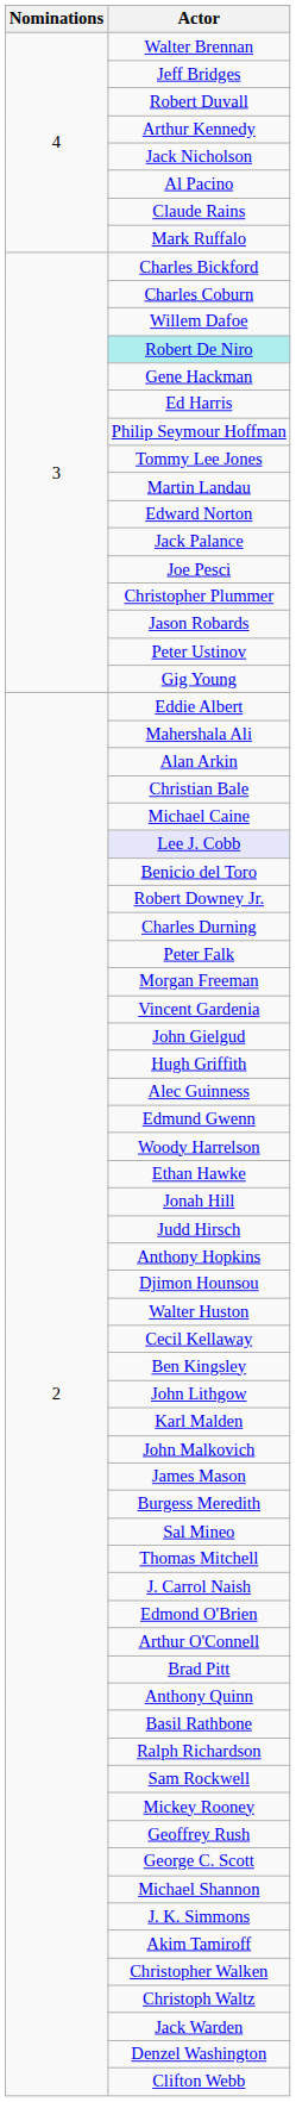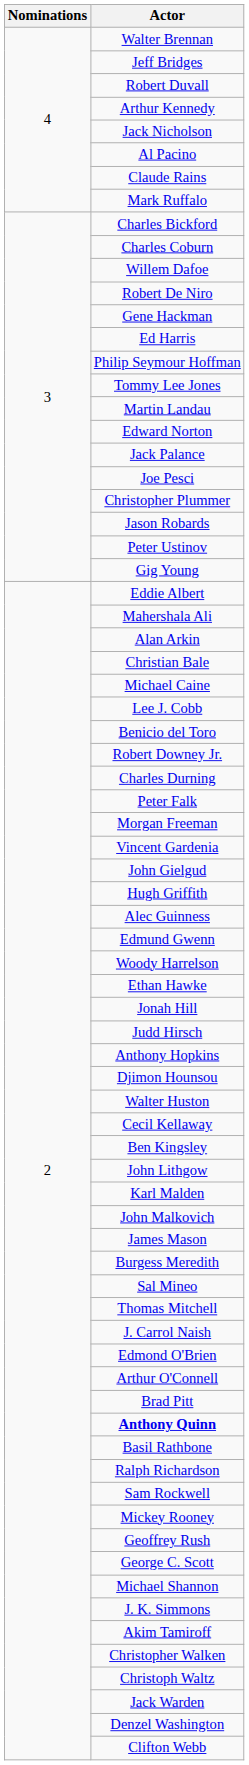 <table class="wikitable" style="text-align: center;">
 <tr>
 <th scope="col" width="55">Nominations</th>
 <th scope="col" align="center">Actor</th>
 </tr>
 <tr>
 <td rowspan=8 style="text-align:center">4</td>
 <td><a href='#'>Walter Brennan</a></td>
 </tr>
 <tr>
 <td><a href='#'>Jeff Bridges</a></td>
 </tr>
 <tr>
 <td><a href='#'>Robert Duvall</a></td>
 </tr>
 <tr>
 <td><a href='#'>Arthur Kennedy</a></td>
 </tr>
 <tr>
 <td><a href='#'>Jack Nicholson</a></td>
 </tr>
 <tr>
 <td><a href='#'>Al Pacino</a></td>
 </tr>
 <tr>
 <td><a href='#'>Claude Rains</a></td>
 </tr>
 <tr>
 <td><a href='#'>Mark Ruffalo</a></td>
 </tr>
 <tr>
 <td rowspan=16 style="text-align:center">3</td>
 <td><a href='#'>Charles Bickford</a></td>
 </tr>
 <tr>
 <td><a href='#'>Charles Coburn</a></td>
 </tr>
 <tr>
 <td><a href='#'>Willem Dafoe</a></td>
 </tr>
 <tr>
-<td style="background: paleturquoise;"><a href='#'>Robert De Niro</a></td>
+<td><a href='#'>Robert De Niro</a></td>
 </tr>
 <tr>
 <td><a href='#'>Gene Hackman</a></td>
 </tr>
 <tr>
 <td><a href='#'>Ed Harris</a></td>
 </tr>
 <tr>
 <td><a href='#'>Philip Seymour Hoffman</a></td>
 </tr>
 <tr>
 <td><a href='#'>Tommy Lee Jones</a></td>
 </tr>
 <tr>
 <td><a href='#'>Martin Landau</a></td>
 </tr>
 <tr>
 <td><a href='#'>Edward Norton</a></td>
 </tr>
 <tr>
 <td><a href='#'>Jack Palance</a></td>
 </tr>
 <tr>
 <td><a href='#'>Joe Pesci</a></td>
 </tr>
 <tr>
 <td><a href='#'>Christopher Plummer</a></td>
 </tr>
 <tr>
 <td><a href='#'>Jason Robards</a></td>
 </tr>
 <tr>
 <td><a href='#'>Peter Ustinov</a></td>
 </tr>
 <tr>
 <td><a href='#'>Gig Young</a></td>
 </tr>
 <tr>
 <td rowspan=52 style="text-align:center">2</td>
 <td><a href='#'>Eddie Albert</a></td>
 </tr>
 <tr>
 <td><a href='#'>Mahershala Ali</a></td>
 </tr>
 <tr>
 <td><a href='#'>Alan Arkin</a></td>
 </tr>
 <tr>
 <td><a href='#'>Christian Bale</a></td>
 </tr>
 <tr>
 <td><a href='#'>Michael Caine</a></td>
 </tr>
 <tr>
-<td style="background: lavender;"><a href='#'>Lee J. Cobb</a></td>
+<td><a href='#'>Lee J. Cobb</a></td>
 </tr>
 <tr>
 <td><a href='#'>Benicio del Toro</a></td>
 </tr>
 <tr>
 <td><a href='#'>Robert Downey Jr.</a></td>
 </tr>
 <tr>
 <td><a href='#'>Charles Durning</a></td>
 </tr>
 <tr>
 <td><a href='#'>Peter Falk</a></td>
 </tr>
 <tr>
 <td><a href='#'>Morgan Freeman</a></td>
 </tr>
 <tr>
 <td><a href='#'>Vincent Gardenia</a></td>
 </tr>
 <tr>
 <td><a href='#'>John Gielgud</a></td>
 </tr>
 <tr>
 <td><a href='#'>Hugh Griffith</a></td>
 </tr>
 <tr>
 <td><a href='#'>Alec Guinness</a></td>
 </tr>
 <tr>
 <td><a href='#'>Edmund Gwenn</a></td>
 </tr>
 <tr>
 <td><a href='#'>Woody Harrelson</a></td>
 </tr>
 <tr>
 <td><a href='#'>Ethan Hawke</a></td>
 </tr>
 <tr>
 <td><a href='#'>Jonah Hill</a></td>
 </tr>
 <tr>
 <td><a href='#'>Judd Hirsch</a></td>
 </tr>
 <tr>
 <td><a href='#'>Anthony Hopkins</a></td>
 </tr>
 <tr>
 <td><a href='#'>Djimon Hounsou</a></td>
 </tr>
 <tr>
 <td><a href='#'>Walter Huston</a></td>
 </tr>
 <tr>
 <td><a href='#'>Cecil Kellaway</a></td>
 </tr>
 <tr>
 <td><a href='#'>Ben Kingsley</a></td>
 </tr>
 <tr>
 <td><a href='#'>John Lithgow</a></td>
 </tr>
 <tr>
 <td><a href='#'>Karl Malden</a></td>
 </tr>
 <tr>
 <td><a href='#'>John Malkovich</a></td>
 </tr>
 <tr>
 <td><a href='#'>James Mason</a></td>
 </tr>
 <tr>
 <td><a href='#'>Burgess Meredith</a></td>
 </tr>
 <tr>
 <td><a href='#'>Sal Mineo</a></td>
 </tr>
 <tr>
 <td><a href='#'>Thomas Mitchell</a></td>
 </tr>
 <tr>
 <td><a href='#'>J. Carrol Naish</a></td>
 </tr>
 <tr>
 <td><a href='#'>Edmond O'Brien</a></td>
 </tr>
 <tr>
 <td><a href='#'>Arthur O'Connell</a></td>
 </tr>
 <tr>
 <td><a href='#'>Brad Pitt</a></td>
 </tr>
 <tr>
-<td><a href='#'>Anthony Quinn</a></td>
+<td><strong><a href='#'>Anthony Quinn</a></strong></td>
 </tr>
 <tr>
 <td><a href='#'>Basil Rathbone</a></td>
 </tr>
 <tr>
 <td><a href='#'>Ralph Richardson</a></td>
 </tr>
 <tr>
 <td><a href='#'>Sam Rockwell</a></td>
 </tr>
 <tr>
 <td><a href='#'>Mickey Rooney</a></td>
 </tr>
 <tr>
 <td><a href='#'>Geoffrey Rush</a></td>
 </tr>
 <tr>
 <td><a href='#'>George C. Scott</a></td>
 </tr>
 <tr>
 <td><a href='#'>Michael Shannon</a></td>
 </tr>
 <tr>
 <td><a href='#'>J. K. Simmons</a></td>
 </tr>
 <tr>
 <td><a href='#'>Akim Tamiroff</a></td>
 </tr>
 <tr>
 <td><a href='#'>Christopher Walken</a></td>
 </tr>
 <tr>
 <td><a href='#'>Christoph Waltz</a></td>
 </tr>
 <tr>
 <td><a href='#'>Jack Warden</a></td>
 </tr>
 <tr>
 <td><a href='#'>Denzel Washington</a></td>
 </tr>
 <tr>
 <td><a href='#'>Clifton Webb</a></td>
 </tr>
 </table>
